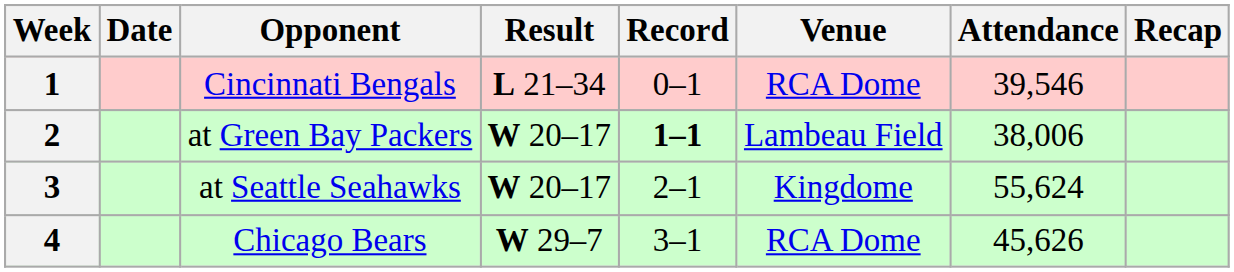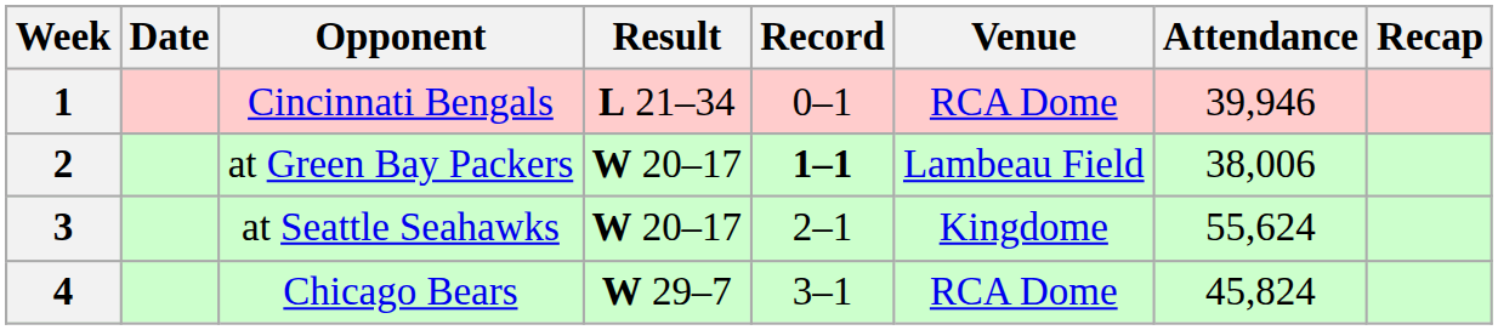 <table class="wikitable" style="text-align:center">
 <tr>
 <th>Week</th>
 <th>Date</th>
 <th>Opponent</th>
 <th>Result</th>
 <th>Record</th>
 <th>Venue</th>
 <th>Attendance</th>
 <th>Recap</th>
 </tr>
 <tr style="background:#fcc">
 <th>1</th>
 <td></td>
 <td><a href='#'>Cincinnati Bengals</a></td>
 <td><strong>L</strong> 21–34</td>
 <td>0–1</td>
 <td><a href='#'>RCA Dome</a></td>
-<td>39,546</td>
+<td>39,946</td>
 <td></td>
 </tr>
 <tr style="background:#cfc">
 <th>2</th>
 <td></td>
 <td>at <a href='#'>Green Bay Packers</a></td>
 <td><strong>W</strong> 20–17</td>
 <td><strong>1–1</strong></td>
 <td><a href='#'>Lambeau Field</a></td>
 <td>38,006</td>
 <td></td>
 </tr>
 <tr style="background:#cfc">
 <th>3</th>
 <td></td>
 <td>at <a href='#'>Seattle Seahawks</a></td>
 <td><strong>W</strong> 20–17 </td>
 <td>2–1</td>
 <td><a href='#'>Kingdome</a></td>
 <td>55,624</td>
 <td></td>
 </tr>
 <tr style="background:#cfc">
 <th>4</th>
 <td></td>
 <td><a href='#'>Chicago Bears</a></td>
 <td><strong>W</strong> 29–7</td>
 <td>3–1</td>
 <td><a href='#'>RCA Dome</a></td>
-<td>45,626</td>
+<td>45,824</td>
 <td></td>
 </tr>
 </table>
